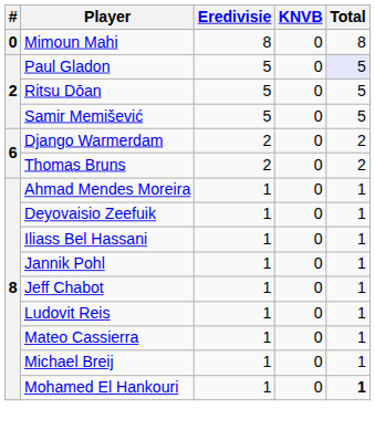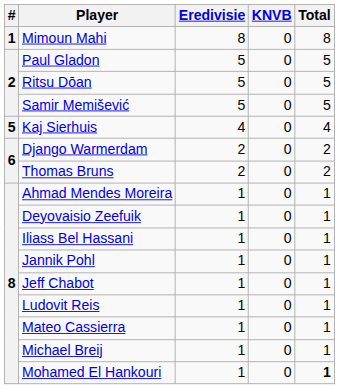 <table class="wikitable" style="text-align:right;">
 <tr>
 <th>#</th>
 <th>Player</th>
 <th><a href='#'>Eredivisie</a></th>
 <th><a href='#'>KNVB</a></th>
 <th>Total</th>
 </tr>
 <tr>
-<th align=center>0</th>
+<th align=center>1</th>
 <td align=left> <a href='#'>Mimoun Mahi</a></td>
 <td>8</td>
 <td>0</td>
 <td>8</td>
 </tr>
 <tr>
 <th rowspan=3 align=center>2</th>
 <td align=left> <a href='#'>Paul Gladon</a></td>
 <td>5</td>
 <td>0</td>
-<td style="background: lavender;">5</td>
+<td>5</td>
 </tr>
 <tr>
 <td align=left> <a href='#'>Ritsu Dōan</a></td>
 <td>5</td>
 <td>0</td>
 <td>5</td>
 </tr>
 <tr>
 <td align=left> <a href='#'>Samir Memišević</a></td>
 <td>5</td>
 <td>0</td>
 <td>5</td>
+</tr>
+<tr>
+<th align=center>5</th>
+<td align=left> <a href='#'>Kaj Sierhuis</a></td>
+<td>4</td>
+<td>0</td>
+<td>4</td>
 </tr>
 <tr>
 <th rowspan=2 align=center>6</th>
 <td align=left> <a href='#'>Django Warmerdam</a></td>
 <td>2</td>
 <td>0</td>
 <td>2</td>
 </tr>
 <tr>
 <td align=left> <a href='#'>Thomas Bruns</a></td>
 <td>2</td>
 <td>0</td>
 <td>2</td>
 </tr>
 <tr>
 <th rowspan=9 align=center>8</th>
 <td align=left> <a href='#'>Ahmad Mendes Moreira</a></td>
 <td>1</td>
 <td>0</td>
 <td>1</td>
 </tr>
 <tr>
 <td align=left> <a href='#'>Deyovaisio Zeefuik</a></td>
 <td>1</td>
 <td>0</td>
 <td>1</td>
 </tr>
 <tr>
 <td align=left> <a href='#'>Iliass Bel Hassani</a></td>
 <td>1</td>
 <td>0</td>
 <td>1</td>
 </tr>
 <tr>
 <td align=left> <a href='#'>Jannik Pohl</a></td>
 <td>1</td>
 <td>0</td>
 <td>1</td>
 </tr>
 <tr>
 <td align=left> <a href='#'>Jeff Chabot</a></td>
 <td>1</td>
 <td>0</td>
 <td>1</td>
 </tr>
 <tr>
 <td align=left> <a href='#'>Ludovit Reis</a></td>
 <td>1</td>
 <td>0</td>
 <td>1</td>
 </tr>
 <tr>
 <td align=left> <a href='#'>Mateo Cassierra</a></td>
 <td>1</td>
 <td>0</td>
 <td>1</td>
 </tr>
 <tr>
 <td align=left> <a href='#'>Michael Breij</a></td>
 <td>1</td>
 <td>0</td>
 <td>1</td>
 </tr>
 <tr>
 <td align=left> <a href='#'>Mohamed El Hankouri</a></td>
 <td>1</td>
 <td>0</td>
 <td><strong>1</strong></td>
 </tr>
 </table>
